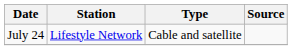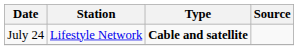 <table class="wikitable">
 <tr>
 <th>Date</th>
 <th>Station</th>
 <th>Type</th>
 <th>Source</th>
 </tr>
 <tr>
 <td>July 24</td>
 <td><a href='#'>Lifestyle Network</a></td>
-<td>Cable and satellite</td>
+<td><strong>Cable and satellite</strong></td>
 <td></td>
 </tr>
 <tr>
 </tr>
 </table>
